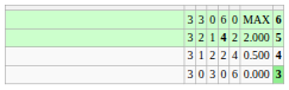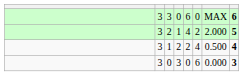 <table class="wikitable" style="text-align:center">
 <tr>
 <th width=240></th>
 <th width=5></th>
 <th width=5></th>
 <th width=5></th>
 <th width=5></th>
 <th width=5></th>
 <th width=5></th>
 <th width=5></th>
 </tr>
 <tr style="background-color:#ccffcc;">
 <td style="text-align:left;"></td>
 <td>3</td>
 <td>3</td>
 <td>0</td>
 <td>6</td>
 <td>0</td>
 <td>MAX</td>
 <td><strong>6</strong></td>
 </tr>
 <tr style="background-color:#ccffcc;">
 <td style="text-align:left;"></td>
 <td>3</td>
 <td>2</td>
 <td>1</td>
-<td><strong>4</strong></td>
+<td>4</td>
 <td>2</td>
 <td>2.000</td>
 <td><strong>5</strong></td>
 </tr>
 <tr>
 <td style="text-align:left;"></td>
 <td>3</td>
 <td>1</td>
 <td>2</td>
 <td>2</td>
 <td>4</td>
 <td>0.500</td>
 <td><strong>4</strong></td>
 </tr>
 <tr>
 <td style="text-align:left;"></td>
 <td>3</td>
 <td>0</td>
 <td>3</td>
 <td>0</td>
 <td>6</td>
 <td>0.000</td>
-<td style="background: lightgreen;"><strong>3</strong></td>
+<td><strong>3</strong></td>
 </tr>
 </table>
